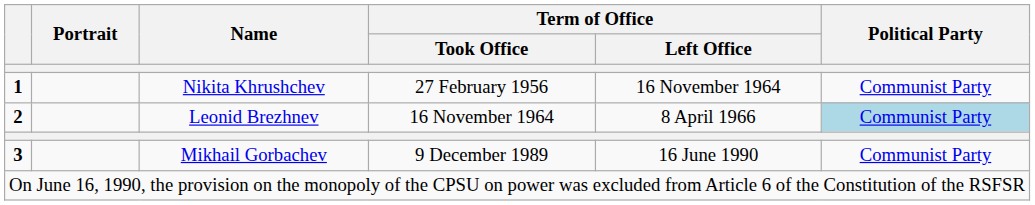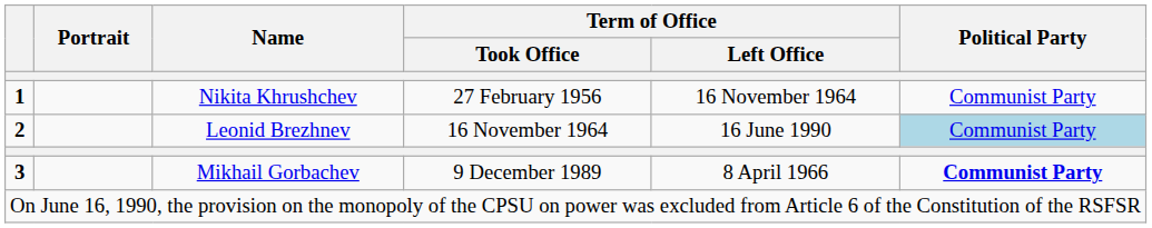 <table class="wikitable" style="text-align:center">
 <tr>
 <th rowspan=2></th>
 <th rowspan=2>Portrait</th>
 <th rowspan=2>Name<br></th>
 <th colspan=2>Term of Office</th>
 <th rowspan=2>Political Party</th>
 </tr>
 <tr>
 <th>Took Office</th>
 <th>Left Office</th>
 </tr>
 <tr>
 <th colspan="6"></th>
 </tr>
 <tr>
 <td style="background: "><strong>1</strong></td>
 <td></td>
 <td><a href='#'>Nikita Khrushchev</a><br></td>
 <td>27 February 1956</td>
 <td>16 November 1964</td>
 <td><a href='#'>Communist Party</a></td>
 </tr>
 <tr>
 <td style="background: "><strong>2</strong></td>
 <td></td>
 <td><a href='#'>Leonid Brezhnev</a><br></td>
 <td>16 November 1964</td>
-<td>8 April 1966</td>
+<td>16 June 1990</td>
 <td style="background: lightblue;"><a href='#'>Communist Party</a></td>
 </tr>
 <tr>
 <th colspan="6"></th>
 </tr>
 <tr>
 <td style="background: "><strong>3</strong></td>
 <td></td>
 <td><a href='#'>Mikhail Gorbachev</a><br></td>
 <td>9 December 1989</td>
-<td>16 June 1990</td>
-<td><a href='#'>Communist Party</a></td>
+<td>8 April 1966</td>
+<td><strong><a href='#'>Communist Party</a></strong></td>
 </tr>
 <tr>
 <td colspan=6; style="text-align:left">On June 16, 1990, the provision on the monopoly of the CPSU on power was excluded from Article 6 of the Constitution of the RSFSR</td>
 </tr>
 </table>
